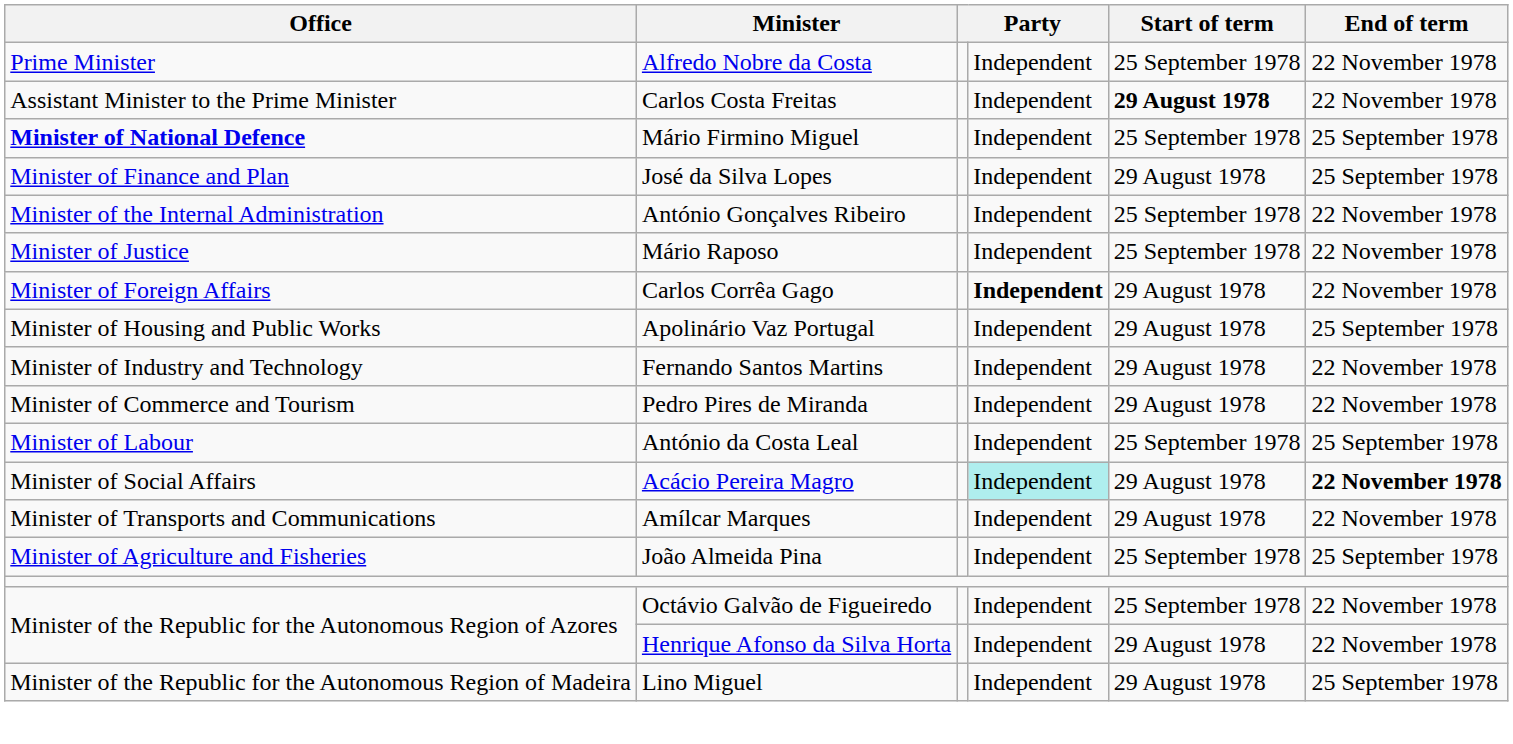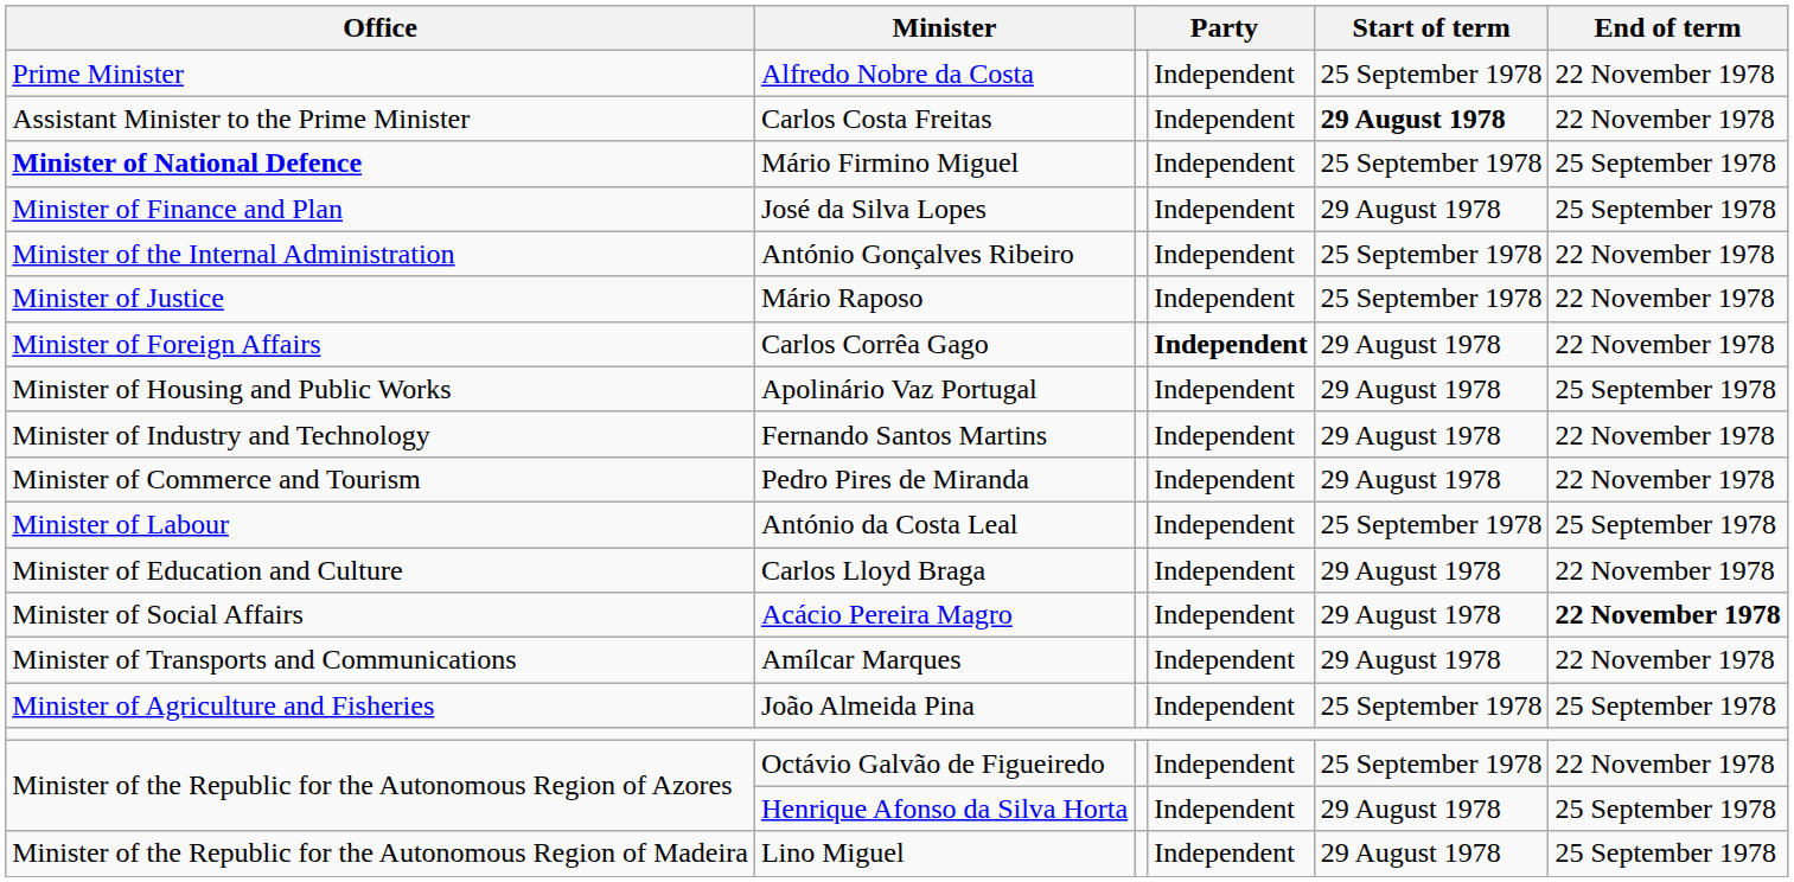 <table class="wikitable">
 <tr>
 <th>Office</th>
 <th>Minister</th>
 <th colspan="2">Party</th>
 <th>Start of term</th>
 <th>End of term</th>
 </tr>
 <tr>
 <td><a href='#'>Prime Minister</a></td>
 <td><a href='#'>Alfredo Nobre da Costa</a></td>
 <td style="background:"></td>
 <td>Independent</td>
 <td>25 September 1978</td>
 <td>22 November 1978</td>
 </tr>
 <tr>
 <td>Assistant Minister to the Prime Minister</td>
 <td>Carlos Costa Freitas</td>
 <td style="background:"></td>
 <td>Independent</td>
 <td><strong>29 August 1978</strong></td>
 <td>22 November 1978</td>
 </tr>
 <tr>
 <td><strong><a href='#'>Minister of National Defence</a></strong></td>
 <td>Mário Firmino Miguel</td>
 <td style="background:"></td>
 <td>Independent</td>
 <td>25 September 1978</td>
 <td>25 September 1978</td>
 </tr>
 <tr>
 <td><a href='#'>Minister of Finance and Plan</a></td>
 <td>José da Silva Lopes</td>
 <td style="background:"></td>
 <td>Independent</td>
 <td>29 August 1978</td>
 <td>25 September 1978</td>
 </tr>
 <tr>
 <td><a href='#'>Minister of the Internal Administration</a></td>
 <td>António Gonçalves Ribeiro</td>
 <td style="background:"></td>
 <td>Independent</td>
 <td>25 September 1978</td>
 <td>22 November 1978</td>
 </tr>
 <tr>
 <td><a href='#'>Minister of Justice</a></td>
 <td>Mário Raposo</td>
 <td style="background:"></td>
 <td>Independent</td>
 <td>25 September 1978</td>
 <td>22 November 1978</td>
 </tr>
 <tr>
 <td><a href='#'>Minister of Foreign Affairs</a></td>
 <td>Carlos Corrêa Gago</td>
 <td style="background:"></td>
 <td><strong>Independent</strong></td>
 <td>29 August 1978</td>
 <td>22 November 1978</td>
 </tr>
 <tr>
 <td>Minister of Housing and Public Works</td>
 <td>Apolinário Vaz Portugal</td>
 <td style="background:"></td>
 <td>Independent</td>
 <td>29 August 1978</td>
 <td>25 September 1978</td>
 </tr>
 <tr>
 <td>Minister of Industry and Technology</td>
 <td>Fernando Santos Martins</td>
 <td style="background:"></td>
 <td>Independent</td>
 <td>29 August 1978</td>
 <td>22 November 1978</td>
 </tr>
 <tr>
 <td>Minister of Commerce and Tourism</td>
 <td>Pedro Pires de Miranda</td>
 <td style="background:"></td>
 <td>Independent</td>
 <td>29 August 1978</td>
 <td>22 November 1978</td>
 </tr>
 <tr>
 <td><a href='#'>Minister of Labour</a></td>
 <td>António da Costa Leal</td>
 <td style="background:"></td>
 <td>Independent</td>
 <td>25 September 1978</td>
 <td>25 September 1978</td>
 </tr>
 <tr>
+<td>Minister of Education and Culture</td>
+<td>Carlos Lloyd Braga</td>
+<td style="background:"></td>
+<td>Independent</td>
+<td>29 August 1978</td>
+<td>22 November 1978</td>
+</tr>
+<tr>
 <td>Minister of Social Affairs</td>
 <td><a href='#'>Acácio Pereira Magro</a></td>
 <td style="background:"></td>
-<td style="background: paleturquoise;">Independent</td>
+<td>Independent</td>
 <td>29 August 1978</td>
 <td><strong>22 November 1978</strong></td>
 </tr>
 <tr>
 <td>Minister of Transports and Communications</td>
 <td>Amílcar Marques</td>
 <td style="background:"></td>
 <td>Independent</td>
 <td>29 August 1978</td>
 <td>22 November 1978</td>
 </tr>
 <tr>
 <td><a href='#'>Minister of Agriculture and Fisheries</a></td>
 <td>João Almeida Pina</td>
 <td style="background:"></td>
 <td>Independent</td>
 <td>25 September 1978</td>
 <td>25 September 1978</td>
 </tr>
 <tr>
 <td colspan="6"></td>
 </tr>
 <tr>
 <td rowspan="2">Minister of the Republic for the Autonomous Region of Azores</td>
 <td>Octávio Galvão de Figueiredo</td>
 <td style="background:"></td>
 <td>Independent</td>
 <td>25 September 1978</td>
 <td>22 November 1978</td>
 </tr>
 <tr>
 <td><a href='#'>Henrique Afonso da Silva Horta</a></td>
 <td style="background:"></td>
 <td>Independent</td>
 <td>29 August 1978</td>
-<td>22 November 1978</td>
+<td>25 September 1978</td>
 </tr>
 <tr>
 <td>Minister of the Republic for the Autonomous Region of Madeira</td>
 <td>Lino Miguel</td>
 <td style="background:"></td>
 <td>Independent</td>
 <td>29 August 1978</td>
 <td>25 September 1978</td>
 </tr>
 </table>
